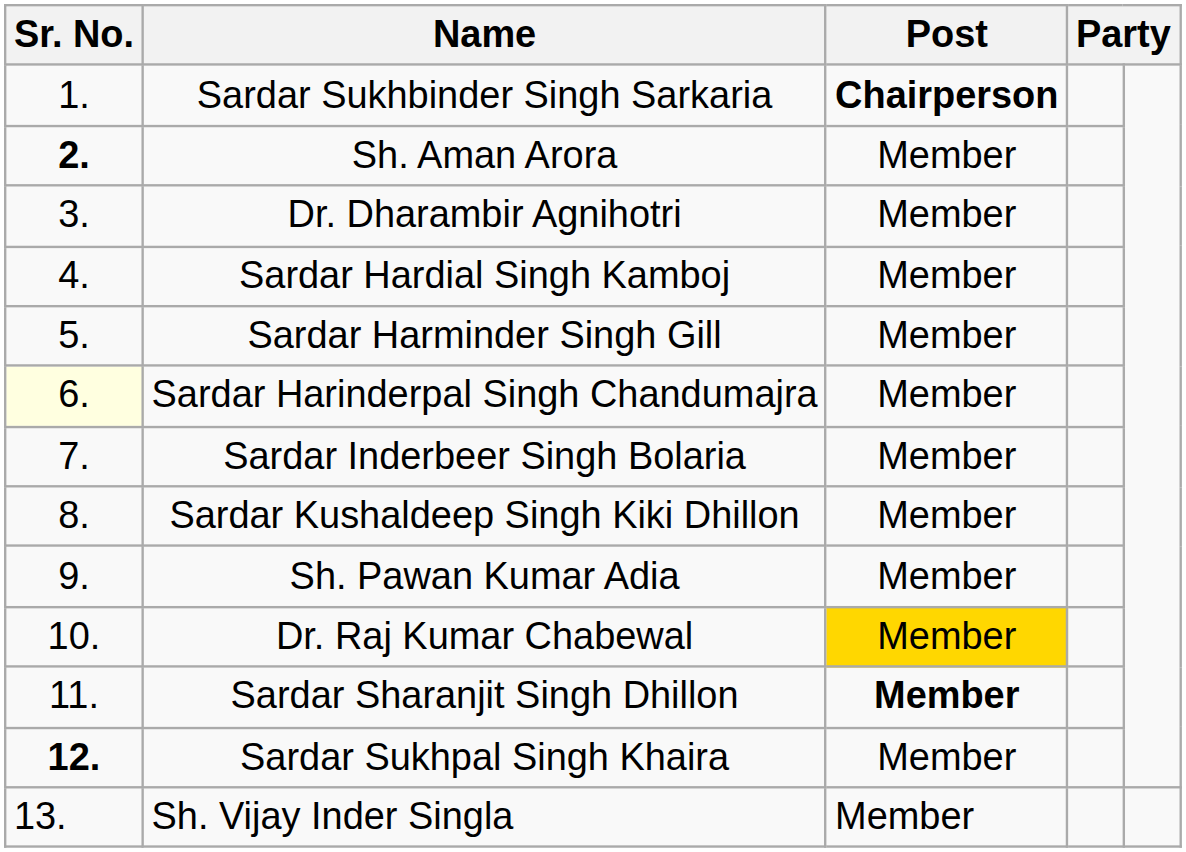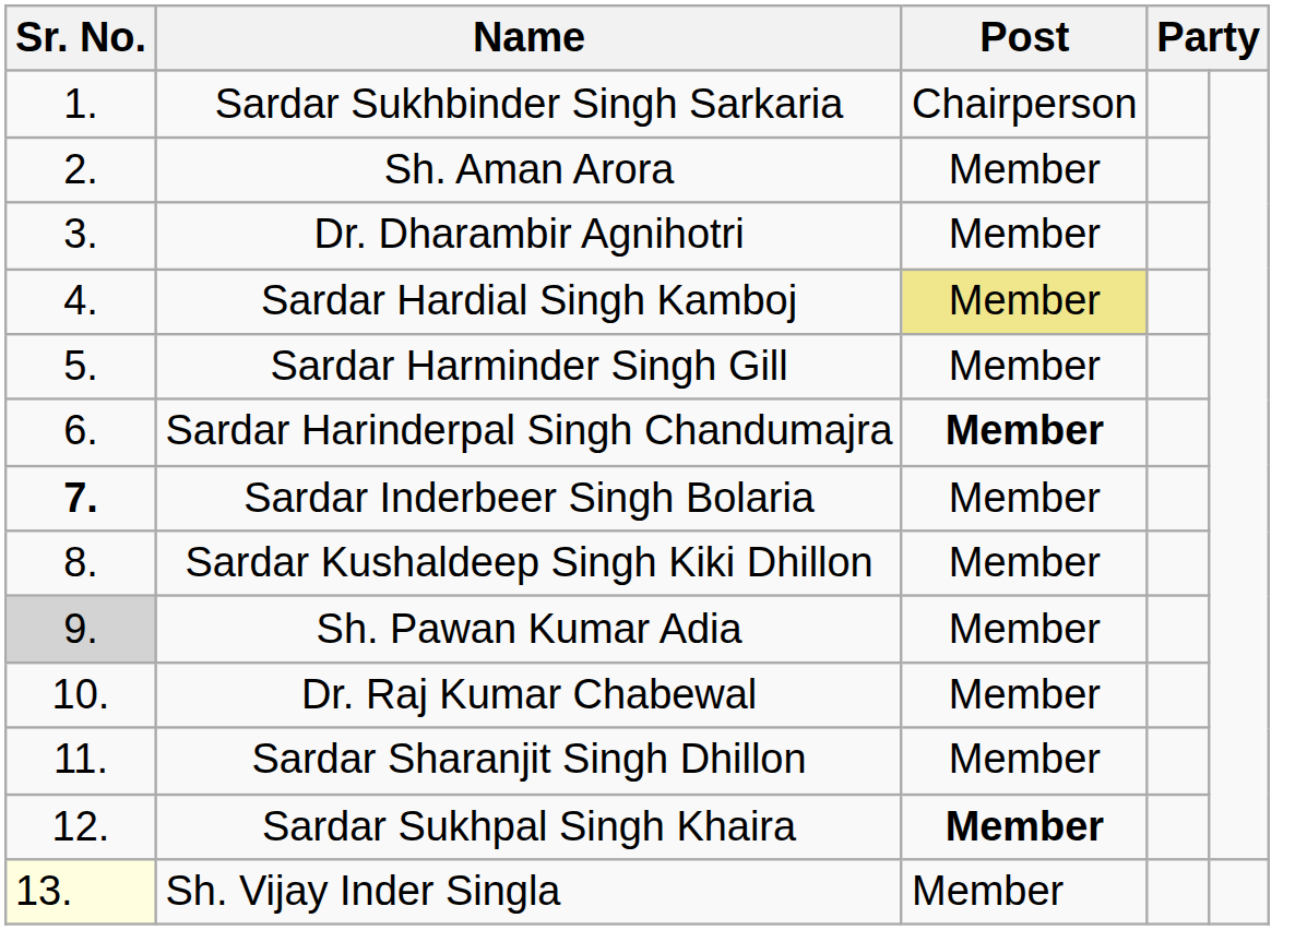 <table class="wikitable sortable">
 <tr>
 <th>Sr. No.</th>
 <th>Name</th>
 <th>Post</th>
 <th colspan="2">Party</th>
 </tr>
 <tr align="center">
 <td>1.</td>
 <td>Sardar Sukhbinder Singh Sarkaria</td>
-<td><strong>Chairperson</strong></td>
+<td>Chairperson</td>
 <td></td>
 </tr>
 <tr align="center">
-<td><strong>2.</strong></td>
+<td>2.</td>
 <td>Sh. Aman Arora</td>
 <td>Member</td>
 <td></td>
 </tr>
 <tr align="center">
 <td>3.</td>
 <td>Dr. Dharambir Agnihotri</td>
 <td>Member</td>
 <td></td>
 </tr>
 <tr align="center">
 <td>4.</td>
 <td>Sardar Hardial Singh Kamboj</td>
-<td>Member</td>
+<td style="background: khaki;">Member</td>
 <td></td>
 </tr>
 <tr align="center">
 <td>5.</td>
 <td>Sardar Harminder Singh Gill</td>
 <td>Member</td>
 <td></td>
 </tr>
 <tr align="center">
-<td style="background: lightyellow;">6.</td>
+<td>6.</td>
 <td>Sardar Harinderpal Singh Chandumajra</td>
-<td>Member</td>
+<td><strong>Member</strong></td>
 <td></td>
 </tr>
 <tr align="center">
-<td>7.</td>
+<td><strong>7.</strong></td>
 <td>Sardar Inderbeer Singh Bolaria</td>
 <td>Member</td>
 <td></td>
 </tr>
 <tr align="center">
 <td>8.</td>
 <td>Sardar Kushaldeep Singh Kiki Dhillon</td>
 <td>Member</td>
 <td></td>
 </tr>
 <tr align="center">
-<td>9.</td>
+<td style="background: lightgrey;">9.</td>
 <td>Sh. Pawan Kumar Adia</td>
 <td>Member</td>
 <td></td>
 </tr>
 <tr align="center">
 <td>10.</td>
 <td>Dr. Raj Kumar Chabewal</td>
-<td style="background: gold;">Member</td>
+<td>Member</td>
 <td></td>
 </tr>
 <tr align="center">
 <td>11.</td>
 <td>Sardar Sharanjit Singh Dhillon</td>
+<td>Member</td>
+<td></td>
+</tr>
+<tr align="center">
+<td>12.</td>
+<td>Sardar Sukhpal Singh Khaira</td>
 <td><strong>Member</strong></td>
 <td></td>
 </tr>
-<tr align="center">
-<td><strong>12.</strong></td>
-<td>Sardar Sukhpal Singh Khaira</td>
-<td>Member</td>
-<td></td>
-</tr>
 <tr>
-<td>13.</td>
+<td style="background: lightyellow;">13.</td>
 <td>Sh. Vijay Inder Singla</td>
 <td>Member</td>
 <td></td>
 <td></td>
 </tr>
 </table>
